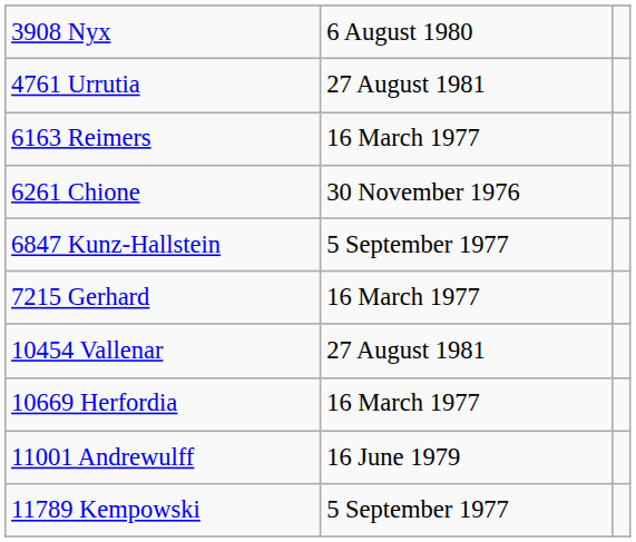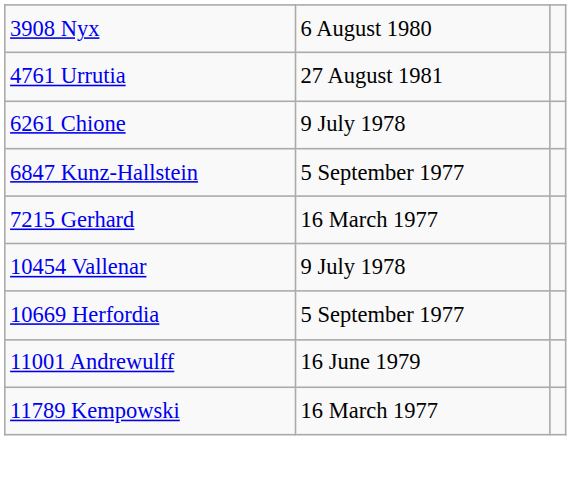 <table class="wikitable" style="font-size: 89%; float: left; width: 25em; margin-right: 1em; line-height: 1.65em !important; height: 270px;">
 <tr>
 <td><a href='#'>3908 Nyx</a></td>
 <td>6 August 1980</td>
 <td></td>
 </tr>
 <tr>
 <td><a href='#'>4761 Urrutia</a></td>
 <td>27 August 1981</td>
 <td></td>
 </tr>
 <tr>
-<td><a href='#'>6163 Reimers</a></td>
-<td>16 March 1977</td>
-<td></td>
-</tr>
-<tr>
 <td><a href='#'>6261 Chione</a></td>
-<td>30 November 1976</td>
+<td>9 July 1978</td>
 <td></td>
 </tr>
 <tr>
 <td><a href='#'>6847 Kunz-Hallstein</a></td>
 <td>5 September 1977</td>
 <td></td>
 </tr>
 <tr>
 <td><a href='#'>7215 Gerhard</a></td>
 <td>16 March 1977</td>
 <td></td>
 </tr>
 <tr>
 <td><a href='#'>10454 Vallenar</a></td>
-<td>27 August 1981</td>
+<td>9 July 1978</td>
 <td></td>
 </tr>
 <tr>
 <td><a href='#'>10669 Herfordia</a></td>
-<td>16 March 1977</td>
+<td>5 September 1977</td>
 <td></td>
 </tr>
 <tr>
 <td><a href='#'>11001 Andrewulff</a></td>
 <td>16 June 1979</td>
 <td></td>
 </tr>
 <tr>
 <td><a href='#'>11789 Kempowski</a></td>
-<td>5 September 1977</td>
+<td>16 March 1977</td>
 <td></td>
 </tr>
 </table>
